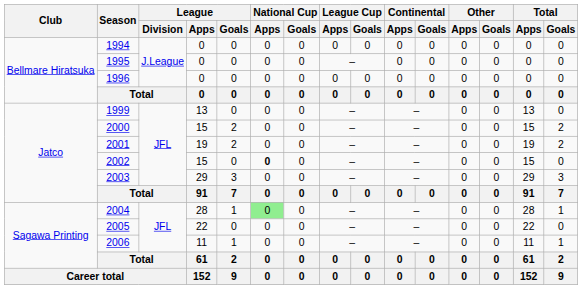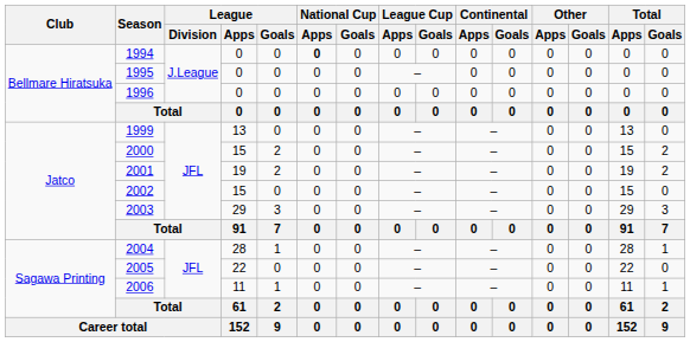 <table class="wikitable" style="text-align: center">
 <tr>
 <th rowspan="2">Club</th>
 <th rowspan="2">Season</th>
 <th colspan="3">League</th>
 <th colspan="2">National Cup</th>
 <th colspan="2">League Cup</th>
 <th colspan="2">Continental</th>
 <th colspan="2">Other</th>
 <th colspan="2">Total</th>
 </tr>
 <tr>
 <th>Division</th>
 <th>Apps</th>
 <th>Goals</th>
 <th>Apps</th>
 <th>Goals</th>
 <th>Apps</th>
 <th>Goals</th>
 <th>Apps</th>
 <th>Goals</th>
 <th>Apps</th>
 <th>Goals</th>
 <th>Apps</th>
 <th>Goals</th>
 </tr>
 <tr>
 <td rowspan="4"><a href='#'>Bellmare Hiratsuka</a></td>
 <td><a href='#'>1994</a></td>
 <td rowspan="3"><a href='#'>J.League</a></td>
 <td>0</td>
 <td>0</td>
-<td>0</td>
+<td><strong>0</strong></td>
 <td>0</td>
 <td>0</td>
 <td>0</td>
 <td>0</td>
 <td>0</td>
 <td>0</td>
 <td>0</td>
 <td>0</td>
 <td>0</td>
 </tr>
 <tr>
 <td><a href='#'>1995</a></td>
 <td>0</td>
 <td>0</td>
 <td>0</td>
 <td>0</td>
 <td colspan="2">–</td>
 <td>0</td>
 <td>0</td>
 <td>0</td>
 <td>0</td>
 <td>0</td>
 <td>0</td>
 </tr>
 <tr>
 <td><a href='#'>1996</a></td>
 <td>0</td>
 <td>0</td>
 <td>0</td>
 <td>0</td>
 <td>0</td>
 <td>0</td>
 <td>0</td>
 <td>0</td>
 <td>0</td>
 <td>0</td>
 <td>0</td>
 <td>0</td>
 </tr>
 <tr>
 <th colspan=2>Total</th>
 <th>0</th>
 <th>0</th>
 <th>0</th>
 <th>0</th>
 <th>0</th>
 <th>0</th>
 <th>0</th>
 <th>0</th>
 <th>0</th>
 <th>0</th>
 <th>0</th>
 <th>0</th>
 </tr>
 <tr>
 <td rowspan="6"><a href='#'>Jatco</a></td>
 <td><a href='#'>1999</a></td>
 <td rowspan="5"><a href='#'>JFL</a></td>
 <td>13</td>
 <td>0</td>
 <td>0</td>
 <td>0</td>
 <td colspan="2">–</td>
 <td colspan="2">–</td>
 <td>0</td>
 <td>0</td>
 <td>13</td>
 <td>0</td>
 </tr>
 <tr>
 <td><a href='#'>2000</a></td>
 <td>15</td>
 <td>2</td>
 <td>0</td>
 <td>0</td>
 <td colspan="2">–</td>
 <td colspan="2">–</td>
 <td>0</td>
 <td>0</td>
 <td>15</td>
 <td>2</td>
 </tr>
 <tr>
 <td><a href='#'>2001</a></td>
 <td>19</td>
 <td>2</td>
 <td>0</td>
 <td>0</td>
 <td colspan="2">–</td>
 <td colspan="2">–</td>
 <td>0</td>
 <td>0</td>
 <td>19</td>
 <td>2</td>
 </tr>
 <tr>
 <td><a href='#'>2002</a></td>
 <td>15</td>
 <td>0</td>
-<td><strong>0</strong></td>
+<td>0</td>
 <td>0</td>
 <td colspan="2">–</td>
 <td colspan="2">–</td>
 <td>0</td>
 <td>0</td>
 <td>15</td>
 <td>0</td>
 </tr>
 <tr>
 <td><a href='#'>2003</a></td>
 <td>29</td>
 <td>3</td>
 <td>0</td>
 <td>0</td>
 <td colspan="2">–</td>
 <td colspan="2">–</td>
 <td>0</td>
 <td>0</td>
 <td>29</td>
 <td>3</td>
 </tr>
 <tr>
 <th colspan=2>Total</th>
 <th>91</th>
 <th>7</th>
 <th>0</th>
 <th>0</th>
 <th>0</th>
 <th>0</th>
 <th>0</th>
 <th>0</th>
 <th>0</th>
 <th>0</th>
 <th>91</th>
 <th>7</th>
 </tr>
 <tr>
 <td rowspan="4"><a href='#'>Sagawa Printing</a></td>
 <td><a href='#'>2004</a></td>
 <td rowspan="3"><a href='#'>JFL</a></td>
 <td>28</td>
 <td>1</td>
-<td style="background: lightgreen;">0</td>
+<td>0</td>
 <td>0</td>
 <td colspan="2">–</td>
 <td colspan="2">–</td>
 <td>0</td>
 <td>0</td>
 <td>28</td>
 <td>1</td>
 </tr>
 <tr>
 <td><a href='#'>2005</a></td>
 <td>22</td>
 <td>0</td>
 <td>0</td>
 <td>0</td>
 <td colspan="2">–</td>
 <td colspan="2">–</td>
 <td>0</td>
 <td>0</td>
 <td>22</td>
 <td>0</td>
 </tr>
 <tr>
 <td><a href='#'>2006</a></td>
 <td>11</td>
 <td>1</td>
 <td>0</td>
 <td>0</td>
 <td colspan="2">–</td>
 <td colspan="2">–</td>
 <td>0</td>
 <td>0</td>
 <td>11</td>
 <td>1</td>
 </tr>
 <tr>
 <th colspan=2>Total</th>
 <th>61</th>
 <th>2</th>
 <th>0</th>
 <th>0</th>
 <th>0</th>
 <th>0</th>
 <th>0</th>
 <th>0</th>
 <th>0</th>
 <th>0</th>
 <th>61</th>
 <th>2</th>
 </tr>
 <tr>
 <th colspan=3>Career total</th>
 <th>152</th>
 <th>9</th>
 <th>0</th>
 <th>0</th>
 <th>0</th>
 <th>0</th>
 <th>0</th>
 <th>0</th>
 <th>0</th>
 <th>0</th>
 <th>152</th>
 <th>9</th>
 </tr>
 </table>
